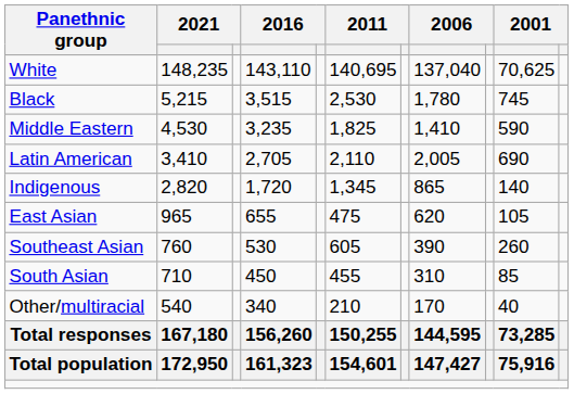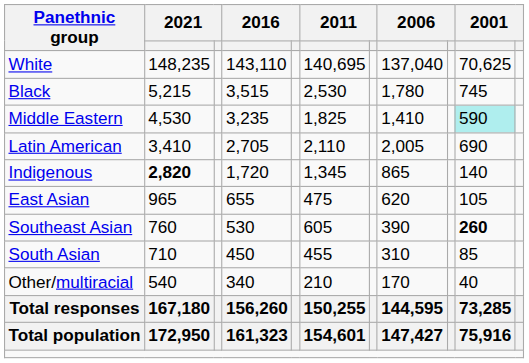 <table class="wikitable collapsible sortable">
 <tr>
 <th rowspan="2"><a href='#'>Panethnic</a><br>group</th>
 <th colspan="2">2021</th>
 <th colspan="2">2016</th>
 <th colspan="2">2011</th>
 <th colspan="2">2006</th>
 <th colspan="2">2001</th>
 </tr>
 <tr>
 <th><a href='#'></a></th>
 <th></th>
 <th></th>
 <th></th>
 <th></th>
 <th></th>
 <th></th>
 <th></th>
 <th></th>
 <th></th>
 </tr>
 <tr>
 <td><a href='#'>White</a></td>
 <td>148,235</td>
 <td></td>
 <td>143,110</td>
 <td></td>
 <td>140,695</td>
 <td></td>
 <td>137,040</td>
 <td></td>
 <td>70,625</td>
 <td></td>
 </tr>
 <tr>
 <td><a href='#'>Black</a></td>
 <td>5,215</td>
 <td></td>
 <td>3,515</td>
 <td></td>
 <td>2,530</td>
 <td></td>
 <td>1,780</td>
 <td></td>
 <td>745</td>
 <td></td>
 </tr>
 <tr>
 <td><a href='#'>Middle Eastern</a></td>
 <td>4,530</td>
 <td></td>
 <td>3,235</td>
 <td></td>
 <td>1,825</td>
 <td></td>
 <td>1,410</td>
 <td></td>
-<td>590</td>
+<td style="background: paleturquoise;">590</td>
 <td></td>
 </tr>
 <tr>
 <td><a href='#'>Latin American</a></td>
 <td>3,410</td>
 <td></td>
 <td>2,705</td>
 <td></td>
 <td>2,110</td>
 <td></td>
 <td>2,005</td>
 <td></td>
 <td>690</td>
 <td></td>
 </tr>
 <tr>
 <td><a href='#'>Indigenous</a></td>
-<td>2,820</td>
+<td><strong>2,820</strong></td>
 <td></td>
 <td>1,720</td>
 <td></td>
 <td>1,345</td>
 <td></td>
 <td>865</td>
 <td></td>
 <td>140</td>
 <td></td>
 </tr>
 <tr>
 <td><a href='#'>East Asian</a></td>
 <td>965</td>
 <td></td>
 <td>655</td>
 <td></td>
 <td>475</td>
 <td></td>
 <td>620</td>
 <td></td>
 <td>105</td>
 <td></td>
 </tr>
 <tr>
 <td><a href='#'>Southeast Asian</a></td>
 <td>760</td>
 <td></td>
 <td>530</td>
 <td></td>
 <td>605</td>
 <td></td>
 <td>390</td>
 <td></td>
-<td>260</td>
+<td><strong>260</strong></td>
 <td></td>
 </tr>
 <tr>
 <td><a href='#'>South Asian</a></td>
 <td>710</td>
 <td></td>
 <td>450</td>
 <td></td>
 <td>455</td>
 <td></td>
 <td>310</td>
 <td></td>
 <td>85</td>
 <td></td>
 </tr>
 <tr>
 <td>Other/<a href='#'>multiracial</a></td>
 <td>540</td>
 <td></td>
 <td>340</td>
 <td></td>
 <td>210</td>
 <td></td>
 <td>170</td>
 <td></td>
 <td>40</td>
 <td></td>
 </tr>
 <tr>
 <th>Total responses</th>
 <th>167,180</th>
 <th></th>
 <th>156,260</th>
 <th></th>
 <th>150,255</th>
 <th></th>
 <th>144,595</th>
 <th></th>
 <th>73,285</th>
 <th></th>
 </tr>
 <tr>
 <th>Total population</th>
 <th>172,950</th>
 <th></th>
 <th>161,323</th>
 <th></th>
 <th>154,601</th>
 <th></th>
 <th>147,427</th>
 <th></th>
 <th>75,916</th>
 <th></th>
 </tr>
 <tr class="sortbottom">
 <td colspan="15"></td>
 </tr>
 </table>
